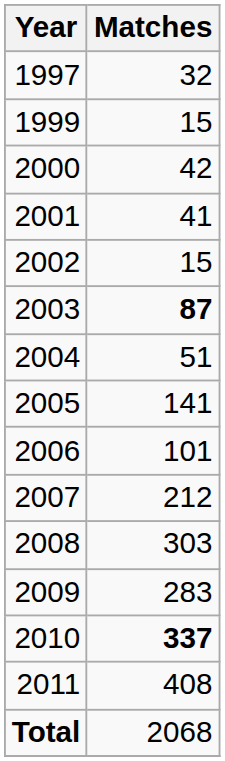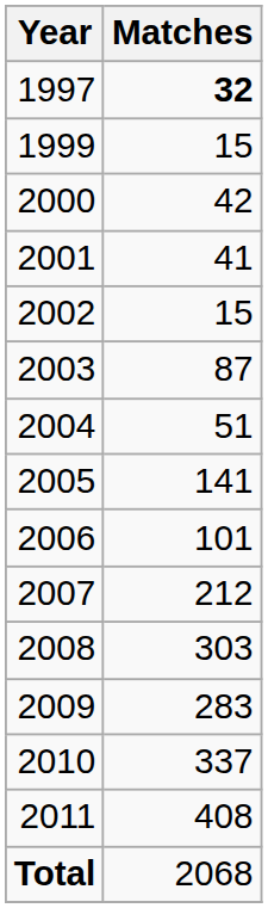 <table class="wikitable" style="text-align:right">
 <tr>
 <th>Year</th>
 <th>Matches</th>
 </tr>
 <tr>
 <td>1997</td>
-<td>32</td>
+<td><strong>32</strong></td>
 </tr>
 <tr>
 <td>1999</td>
 <td>15</td>
 </tr>
 <tr>
 <td>2000</td>
 <td>42</td>
 </tr>
 <tr>
 <td>2001</td>
 <td>41</td>
 </tr>
 <tr>
 <td>2002</td>
 <td>15</td>
 </tr>
 <tr>
 <td>2003</td>
-<td><strong>87</strong></td>
+<td>87</td>
 </tr>
 <tr>
 <td>2004</td>
 <td>51</td>
 </tr>
 <tr>
 <td>2005</td>
 <td>141</td>
 </tr>
 <tr>
 <td>2006</td>
 <td>101</td>
 </tr>
 <tr>
 <td>2007</td>
 <td>212</td>
 </tr>
 <tr>
 <td>2008</td>
 <td>303</td>
 </tr>
 <tr>
 <td>2009</td>
 <td>283</td>
 </tr>
 <tr>
 <td>2010</td>
-<td><strong>337</strong></td>
+<td>337</td>
 </tr>
 <tr>
 <td>2011</td>
 <td>408</td>
 </tr>
 <tr>
 <td><strong>Total</strong></td>
 <td>2068</td>
 </tr>
 <tr>
 </tr>
 </table>
